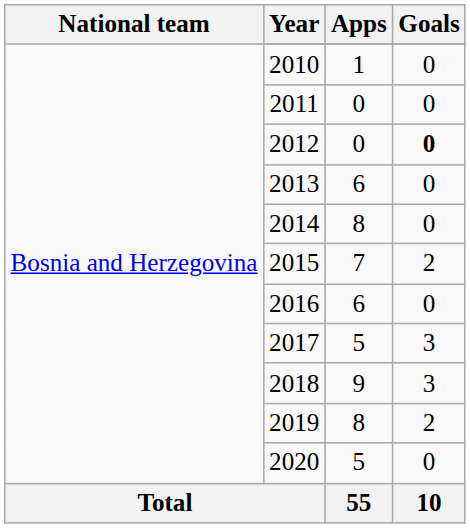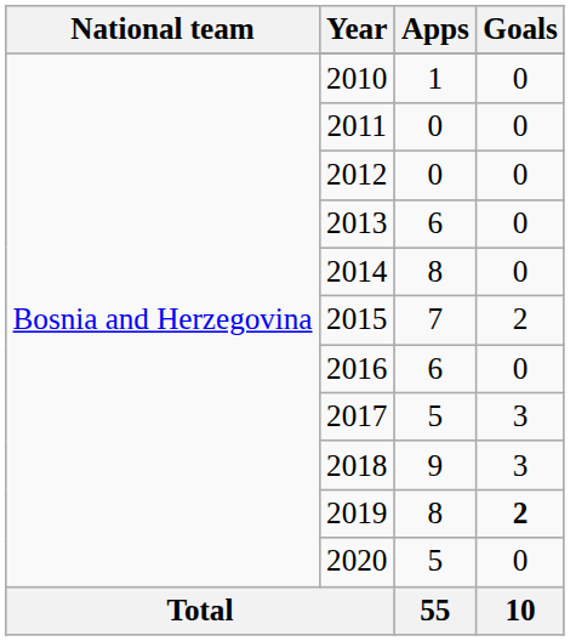 <table class="wikitable" style="text-align:center">
 <tr>
 <th>National team</th>
 <th>Year</th>
 <th>Apps</th>
 <th>Goals</th>
 </tr>
 <tr>
 <td rowspan=12><a href='#'>Bosnia and Herzegovina</a></td>
 </tr>
 <tr>
 <td>2010</td>
 <td>1</td>
 <td>0</td>
 </tr>
 <tr>
 <td>2011</td>
 <td>0</td>
 <td>0</td>
 </tr>
 <tr>
 <td>2012</td>
 <td>0</td>
-<td><strong>0</strong></td>
+<td>0</td>
 </tr>
 <tr>
 <td>2013</td>
 <td>6</td>
 <td>0</td>
 </tr>
 <tr>
 <td>2014</td>
 <td>8</td>
 <td>0</td>
 </tr>
 <tr>
 <td>2015</td>
 <td>7</td>
 <td>2</td>
 </tr>
 <tr>
 <td>2016</td>
 <td>6</td>
 <td>0</td>
 </tr>
 <tr>
 <td>2017</td>
 <td>5</td>
 <td>3</td>
 </tr>
 <tr>
 <td>2018</td>
 <td>9</td>
 <td>3</td>
 </tr>
 <tr>
 <td>2019</td>
 <td>8</td>
-<td>2</td>
+<td><strong>2</strong></td>
 </tr>
 <tr>
 <td>2020</td>
 <td>5</td>
 <td>0</td>
 </tr>
 <tr>
 <th colspan=2>Total</th>
 <th>55</th>
 <th>10</th>
 </tr>
 </table>
